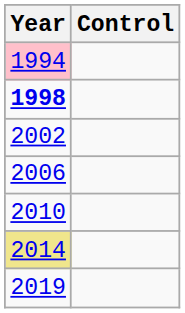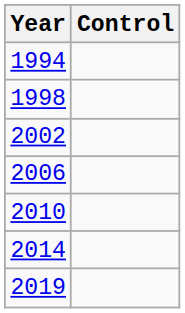 <table class="wikitable">
 <tr>
 <th>Year</th>
 <th colspan="2">Control</th>
 </tr>
 <tr>
-<td style="background: pink;"><a href='#'>1994</a></td>
+<td><a href='#'>1994</a></td>
 <td></td>
 </tr>
 <tr>
-<td><strong><a href='#'>1998</a></strong></td>
+<td><a href='#'>1998</a></td>
 <td></td>
 </tr>
 <tr>
 <td><a href='#'>2002</a></td>
 <td></td>
 </tr>
 <tr>
 <td><a href='#'>2006</a></td>
 <td></td>
 </tr>
 <tr>
 <td><a href='#'>2010</a></td>
 <td></td>
 </tr>
 <tr>
-<td style="background: khaki;"><a href='#'>2014</a></td>
+<td><a href='#'>2014</a></td>
 <td></td>
 </tr>
 <tr>
 <td><a href='#'>2019</a></td>
 <td></td>
 </tr>
 </table>
